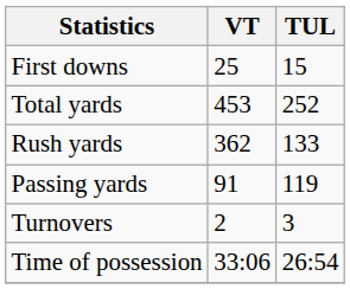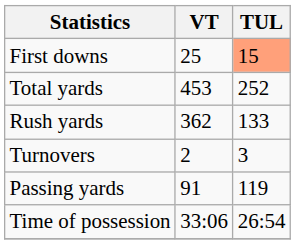 <table class="wikitable" style="float: left;">
 <tr>
 <th>Statistics</th>
 <th>VT</th>
 <th>TUL</th>
 </tr>
 <tr>
 <td>First downs</td>
 <td>25</td>
-<td>15</td>
+<td style="background: lightsalmon;">15</td>
 </tr>
 <tr>
 <td>Total yards</td>
 <td>453</td>
 <td>252</td>
 </tr>
 <tr>
 <td>Rush yards</td>
 <td>362</td>
 <td>133</td>
 </tr>
 <tr>
+<td>Turnovers</td>
+<td>2</td>
+<td>3</td>
+</tr>
+<tr>
 <td>Passing yards</td>
 <td>91</td>
 <td>119</td>
-</tr>
-<tr>
-<td>Turnovers</td>
-<td>2</td>
-<td>3</td>
 </tr>
 <tr>
 <td>Time of possession</td>
 <td>33:06</td>
 <td>26:54</td>
 </tr>
 <tr>
 </tr>
 </table>
